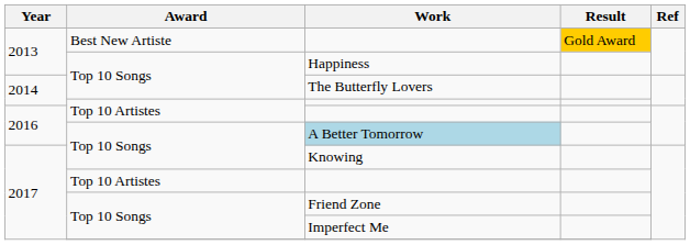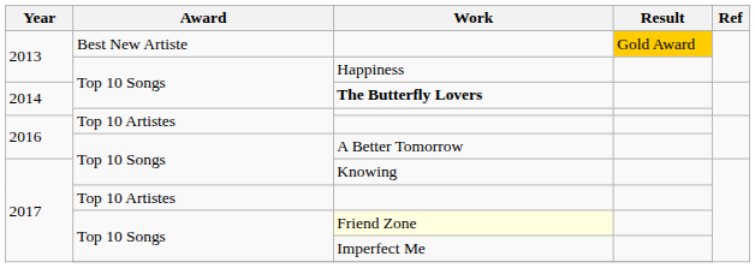 <table class="wikitable">
 <tr>
 <th width=60>Year</th>
 <th style="width:250px;">Award</th>
 <th style="width:270px;">Work</th>
 <th width="90">Result</th>
 <th width="30">Ref</th>
 </tr>
 <tr>
 <td rowspan="2">2013</td>
 <td>Best New Artiste</td>
 <td></td>
 <td style="background:#fc0;"><div>Gold Award</div></td>
 <td rowspan="2"></td>
 </tr>
 <tr>
 <td rowspan="2">Top 10 Songs</td>
 <td>Happiness</td>
 <td></td>
 </tr>
 <tr>
 <td rowspan="2">2014</td>
-<td>The Butterfly Lovers</td>
+<td><strong>The Butterfly Lovers</strong></td>
 <td></td>
 <td rowspan="2"></td>
 </tr>
 <tr>
 <td rowspan="2">Top 10 Artistes</td>
 <td></td>
 <td></td>
 </tr>
 <tr>
 <td rowspan="2">2016</td>
 <td></td>
 <td></td>
 <td rowspan="2"></td>
 </tr>
 <tr>
 <td rowspan="2">Top 10 Songs</td>
-<td style="background: lightblue;">A Better Tomorrow</td>
+<td>A Better Tomorrow</td>
 <td></td>
 </tr>
 <tr>
 <td rowspan="5">2017</td>
 <td>Knowing</td>
 <td></td>
 <td rowspan="5"></td>
 </tr>
 <tr>
 <td>Top 10 Artistes</td>
 <td></td>
 <td></td>
 </tr>
 <tr>
 <td rowspan="2">Top 10 Songs</td>
-<td>Friend Zone</td>
+<td style="background: lightyellow;">Friend Zone</td>
 <td></td>
 </tr>
 <tr>
 <td>Imperfect Me</td>
 <td></td>
 </tr>
 <tr>
 </tr>
 </table>
